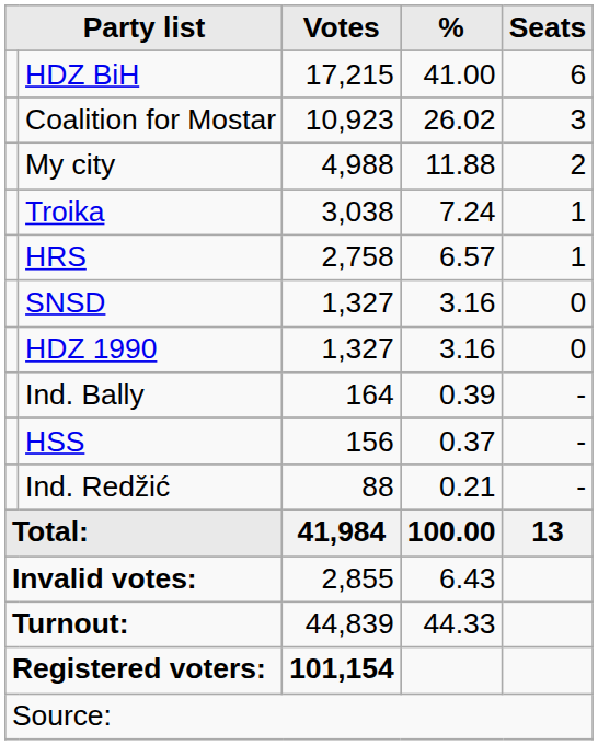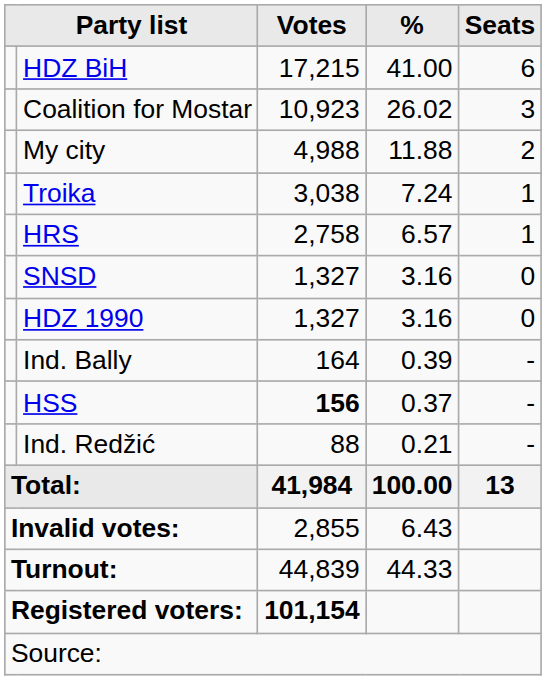 <table class="wikitable" border="1">
 <tr>
 <th colspan="2" align="center" style="background-color:#E9E9E9">Party list</th>
 <th align="center" style="background-color:#E9E9E9">Votes</th>
 <th align="center" style="background-color:#E9E9E9">%</th>
 <th align="center" style="background-color:#E9E9E9">Seats</th>
 </tr>
 <tr>
 <td></td>
 <td align="left"><a href='#'>HDZ BiH</a></td>
 <td align="right">17,215</td>
 <td align="right">41.00</td>
 <td align="right">6</td>
 </tr>
 <tr>
 <td></td>
 <td align="left">Coalition for Mostar</td>
 <td align="right">10,923</td>
 <td align="right">26.02</td>
 <td align="right">3</td>
 </tr>
 <tr>
 <td></td>
 <td align="left">My city</td>
 <td align="right">4,988</td>
 <td align="right">11.88</td>
 <td align="right">2</td>
 </tr>
 <tr>
 <td></td>
 <td align="left"><a href='#'>Troika</a></td>
 <td align="right">3,038</td>
 <td align="right">7.24</td>
 <td align="right">1</td>
 </tr>
 <tr>
 <td></td>
 <td align="left"><a href='#'>HRS</a></td>
 <td align="right">2,758</td>
 <td align="right">6.57</td>
 <td align="right">1</td>
 </tr>
 <tr>
 <td></td>
 <td align="left"><a href='#'>SNSD</a></td>
 <td align="right">1,327</td>
 <td align="right">3.16</td>
 <td align="right">0</td>
 </tr>
 <tr>
 <td></td>
 <td align="left"><a href='#'>HDZ 1990</a></td>
 <td align="right">1,327</td>
 <td align="right">3.16</td>
 <td align="right">0</td>
 </tr>
 <tr>
 <td></td>
 <td align="left">Ind. Bally</td>
 <td align="right">164</td>
 <td align="right">0.39</td>
 <td align="right">-</td>
 </tr>
 <tr>
 <td></td>
 <td align="left"><a href='#'>HSS</a></td>
-<td align="right">156</td>
+<td align="right"><strong>156</strong></td>
 <td align="right">0.37</td>
 <td align="right">-</td>
 </tr>
 <tr>
 <td></td>
 <td align="left">Ind. Redžić</td>
 <td align="right">88</td>
 <td align="right">0.21</td>
 <td align="right">-</td>
 </tr>
 <tr style="background-color:#E9E9E9">
 <td colspan="2" align="left"><strong>Total:</strong></td>
 <th align="right">41,984</th>
 <th align="right">100.00</th>
 <th align="right">13</th>
 </tr>
 <tr>
 <td colspan="2" align="left"><strong>Invalid votes:</strong></td>
 <td align="right">2,855</td>
 <td align="right">6.43</td>
 <td align="right"></td>
 </tr>
 <tr>
 <td colspan="2" align="left"><strong>Turnout:</strong></td>
 <td align="right">44,839</td>
 <td align="right">44.33</td>
 <td align="right"></td>
 </tr>
 <tr>
 <td colspan="2" align="left"><strong>Registered voters:</strong></td>
 <td align="right"><strong>101,154</strong></td>
 <td align="right"></td>
 <td align="right"></td>
 </tr>
 <tr>
 <td colspan="5" align="left">Source: </td>
 </tr>
 </table>
